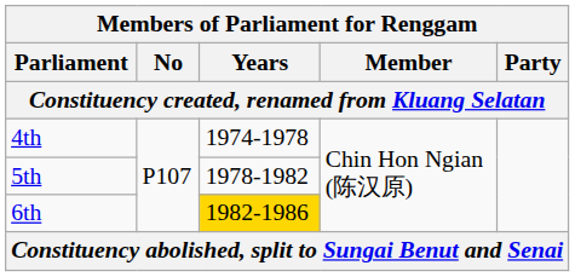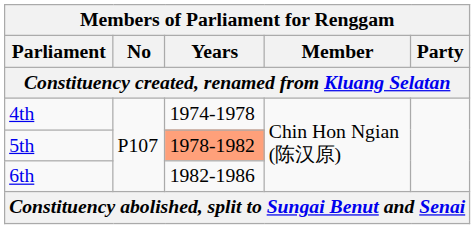 <table class=wikitable>
 <tr>
 <th colspan="5">Members of Parliament for Renggam</th>
 </tr>
 <tr>
 <th>Parliament</th>
 <th>No</th>
 <th>Years</th>
 <th>Member</th>
 <th>Party</th>
 </tr>
 <tr>
 <th colspan="5" align="center"><em>Constituency created, renamed from <a href='#'>Kluang Selatan</a></em></th>
 </tr>
 <tr>
 <td><a href='#'>4th</a></td>
 <td rowspan="3">P107</td>
 <td>1974-1978</td>
 <td rowspan=3>Chin Hon Ngian <br> (陈汉原)</td>
 <td rowspan="3"></td>
 </tr>
 <tr>
 <td><a href='#'>5th</a></td>
-<td>1978-1982</td>
+<td style="background: lightsalmon;">1978-1982</td>
 </tr>
 <tr>
 <td><a href='#'>6th</a></td>
-<td style="background: gold;">1982-1986</td>
+<td>1982-1986</td>
 </tr>
 <tr>
 <th colspan="5" align="center"><em>Constituency abolished, split to <a href='#'>Sungai Benut</a> and <a href='#'>Senai</a></em></th>
 </tr>
 </table>
